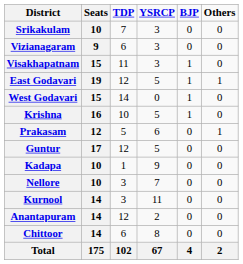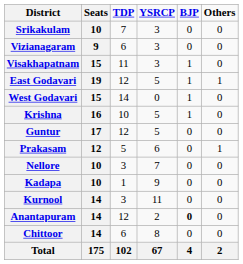 <table class="wikitable sortable" style="text-align:center;">
 <tr>
 <th>District</th>
 <th>Seats</th>
 <td><a href='#'><span><strong>TDP</strong></span></a></td>
 <td><a href='#'><span><strong>YSRCP</strong></span></a></td>
 <td><a href='#'><span><strong>BJP</strong></span></a></td>
 <td><span><strong>Others</strong></span></td>
 </tr>
 <tr>
 <th><a href='#'>Srikakulam</a></th>
 <th>10</th>
 <td style="background:">7</td>
 <td>3</td>
 <td>0</td>
 <td>0</td>
 </tr>
 <tr>
 <th><a href='#'>Vizianagaram</a></th>
 <th>9</th>
 <td style="background:">6</td>
 <td>3</td>
 <td>0</td>
 <td>0</td>
 </tr>
 <tr>
 <th><a href='#'>Visakhapatnam</a></th>
 <th>15</th>
 <td style="background:">11</td>
 <td>3</td>
 <td>1</td>
 <td>0</td>
 </tr>
 <tr>
 <th><a href='#'>East Godavari</a></th>
 <th>19</th>
 <td style="background:">12</td>
 <td>5</td>
 <td>1</td>
 <td>1</td>
 </tr>
 <tr>
 <th><a href='#'>West Godavari</a></th>
 <th>15</th>
 <td style="background:">14</td>
 <td>0</td>
 <td>1</td>
 <td>0</td>
 </tr>
 <tr>
 <th><a href='#'>Krishna</a></th>
 <th>16</th>
 <td style="background:">10</td>
 <td>5</td>
 <td>1</td>
 <td>0</td>
 </tr>
 <tr>
+<th><a href='#'>Guntur</a></th>
+<th>17</th>
+<td style="background:">12</td>
+<td>5</td>
+<td>0</td>
+<td>0</td>
+</tr>
+<tr>
 <th><a href='#'>Prakasam</a></th>
 <th>12</th>
 <td>5</td>
 <td style="background:">6</td>
 <td>0</td>
 <td>1</td>
 </tr>
 <tr>
-<th><a href='#'>Guntur</a></th>
-<th>17</th>
-<td style="background:">12</td>
-<td>5</td>
+<th><a href='#'>Nellore</a></th>
+<th>10</th>
+<td>3</td>
+<td style="background:">7</td>
 <td>0</td>
 <td>0</td>
 </tr>
 <tr>
 <th><a href='#'>Kadapa</a></th>
 <th>10</th>
 <td>1</td>
 <td style="background:">9</td>
-<td>0</td>
-<td>0</td>
-</tr>
-<tr>
-<th><a href='#'>Nellore</a></th>
-<th>10</th>
-<td>3</td>
-<td style="background:">7</td>
 <td>0</td>
 <td>0</td>
 </tr>
 <tr>
 <th><a href='#'>Kurnool</a></th>
 <th>14</th>
 <td>3</td>
 <td style="background:">11</td>
 <td>0</td>
 <td>0</td>
 </tr>
 <tr>
 <th><a href='#'>Anantapuram</a></th>
 <th>14</th>
 <td style="background:">12</td>
 <td>2</td>
-<td>0</td>
+<td><strong>0</strong></td>
 <td>0</td>
 </tr>
 <tr>
 <th><a href='#'>Chittoor</a></th>
 <th>14</th>
 <td>6</td>
 <td style="background:">8</td>
 <td>0</td>
 <td>0</td>
 </tr>
 <tr>
 <th>Total</th>
 <th>175</th>
 <th>102</th>
 <th>67</th>
 <th>4</th>
 <th>2</th>
 </tr>
 </table>
